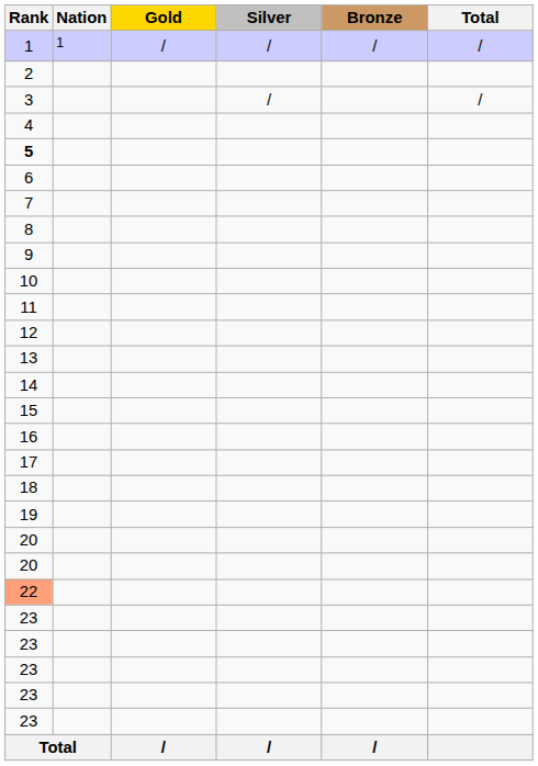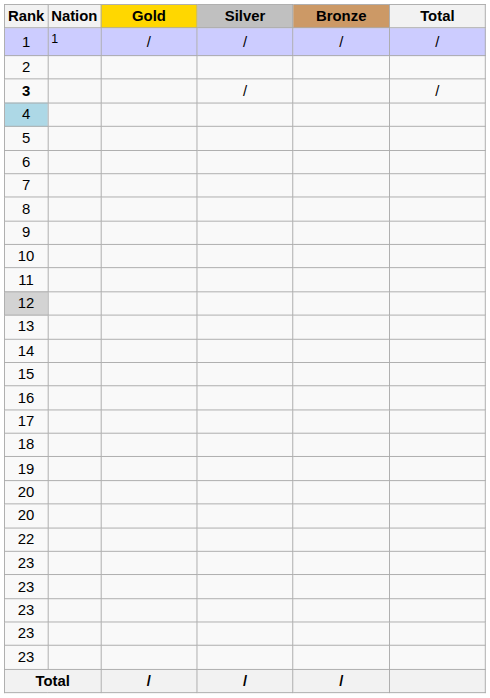 <table class="wikitable sortable plainrowheaders" style="text-align: center">
 <tr>
 <th scope="col">Rank</th>
 <th scope="col">Nation</th>
 <th scope="col" style="background-color:gold; width:6em;">Gold</th>
 <th scope="col" style="background-color:silver; width:6em;">Silver</th>
 <th scope="col" style="background-color:#cc9966; width:6em;">Bronze</th>
 <th scope="col" style="width:6em;">Total</th>
 </tr>
 <tr style="background-color:#ccccff">
 <td>1</td>
 <td align=left> <sup>1</sup> </td>
 <td>/</td>
 <td>/</td>
 <td>/</td>
 <td>/</td>
 </tr>
 <tr>
 <td>2</td>
 <td align=left></td>
 <td></td>
 <td></td>
 <td></td>
 <td></td>
 </tr>
 <tr>
-<td>3</td>
+<td><strong>3</strong></td>
 <td align=left> </td>
 <td></td>
 <td>/</td>
 <td></td>
 <td>/</td>
 </tr>
 <tr>
-<td>4</td>
+<td style="background: lightblue;">4</td>
 <td align=left></td>
 <td></td>
 <td></td>
 <td></td>
 <td></td>
 </tr>
 <tr>
-<td><strong>5</strong></td>
+<td>5</td>
 <td align=left></td>
 <td></td>
 <td></td>
 <td></td>
 <td></td>
 </tr>
 <tr>
 <td>6</td>
 <td align=left></td>
 <td></td>
 <td></td>
 <td></td>
 <td></td>
 </tr>
 <tr>
 <td>7</td>
 <td align=left></td>
 <td></td>
 <td></td>
 <td></td>
 <td></td>
 </tr>
 <tr>
 <td>8</td>
 <td align=left></td>
 <td></td>
 <td></td>
 <td></td>
 <td></td>
 </tr>
 <tr>
 <td>9</td>
 <td align=left></td>
 <td></td>
 <td></td>
 <td></td>
 <td></td>
 </tr>
 <tr>
 <td>10</td>
 <td align=left></td>
 <td></td>
 <td></td>
 <td></td>
 <td></td>
 </tr>
 <tr>
 <td>11</td>
 <td align=left></td>
 <td></td>
 <td></td>
 <td></td>
 <td></td>
 </tr>
 <tr>
-<td>12</td>
+<td style="background: lightgrey;">12</td>
 <td align=left></td>
 <td></td>
 <td></td>
 <td></td>
 <td></td>
 </tr>
 <tr>
 <td>13</td>
 <td align=left></td>
 <td></td>
 <td></td>
 <td></td>
 <td></td>
 </tr>
 <tr>
 <td>14</td>
 <td align=left></td>
 <td></td>
 <td></td>
 <td></td>
 <td></td>
 </tr>
 <tr>
 <td>15</td>
 <td align=left></td>
 <td></td>
 <td></td>
 <td></td>
 <td></td>
 </tr>
 <tr>
 <td>16</td>
 <td align=left></td>
 <td></td>
 <td></td>
 <td></td>
 <td></td>
 </tr>
 <tr>
 <td>17</td>
 <td align=left></td>
 <td></td>
 <td></td>
 <td></td>
 <td></td>
 </tr>
 <tr>
 <td>18</td>
 <td align=left></td>
 <td></td>
 <td></td>
 <td></td>
 <td></td>
 </tr>
 <tr>
 <td>19</td>
 <td align=left></td>
 <td></td>
 <td></td>
 <td></td>
 <td></td>
 </tr>
 <tr>
 <td>20</td>
 <td align=left></td>
 <td></td>
 <td></td>
 <td></td>
 <td></td>
 </tr>
 <tr>
 <td>20</td>
 <td align=left></td>
 <td></td>
 <td></td>
 <td></td>
 <td></td>
 </tr>
 <tr>
-<td style="background: lightsalmon;">22</td>
+<td>22</td>
 <td align=left></td>
 <td></td>
 <td></td>
 <td></td>
 <td></td>
 </tr>
 <tr>
 <td>23</td>
 <td align=left></td>
 <td></td>
 <td></td>
 <td></td>
 <td></td>
 </tr>
 <tr>
 <td>23</td>
 <td align=left></td>
 <td></td>
 <td></td>
 <td></td>
 <td></td>
 </tr>
 <tr>
 <td>23</td>
 <td align=left></td>
 <td></td>
 <td></td>
 <td></td>
 <td></td>
 </tr>
 <tr>
 <td>23</td>
 <td align=left></td>
 <td></td>
 <td></td>
 <td></td>
 <td></td>
 </tr>
 <tr>
 <td>23</td>
 <td align=left></td>
 <td></td>
 <td></td>
 <td></td>
 <td></td>
 </tr>
 <tr class="sortbottom">
 <th colspan=2>Total </th>
 <th>/</th>
 <th>/</th>
 <th>/</th>
 <th></th>
 </tr>
 </table>
